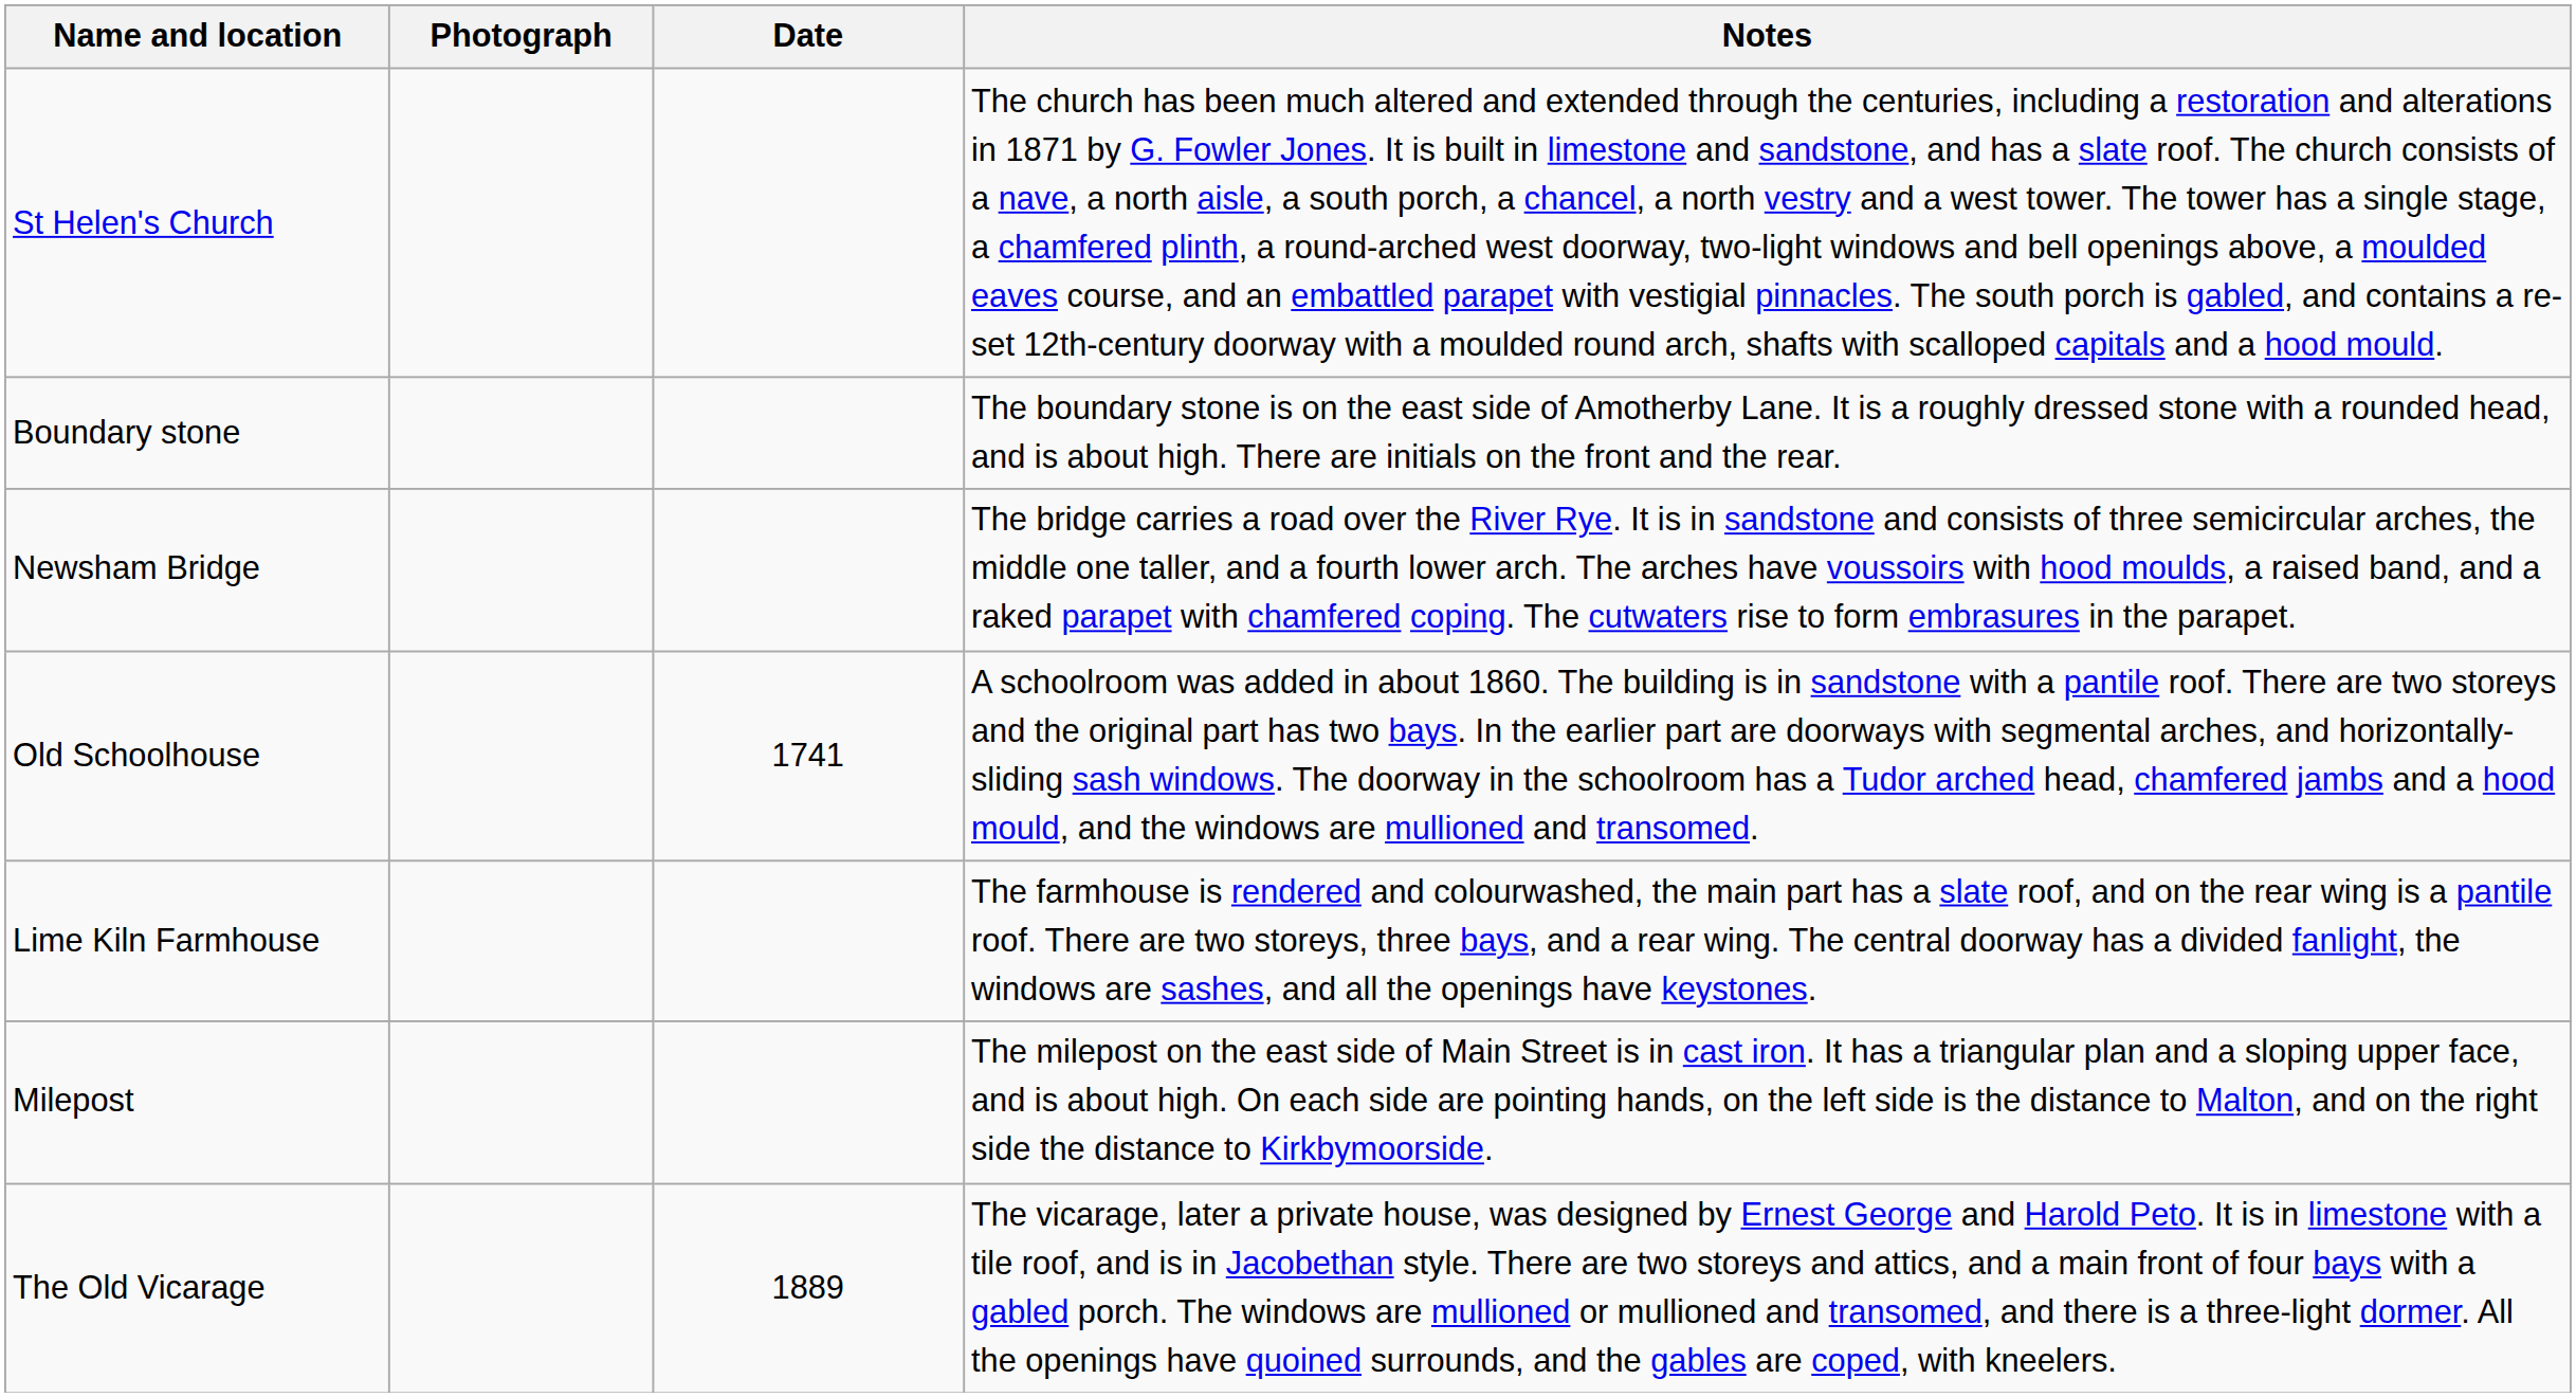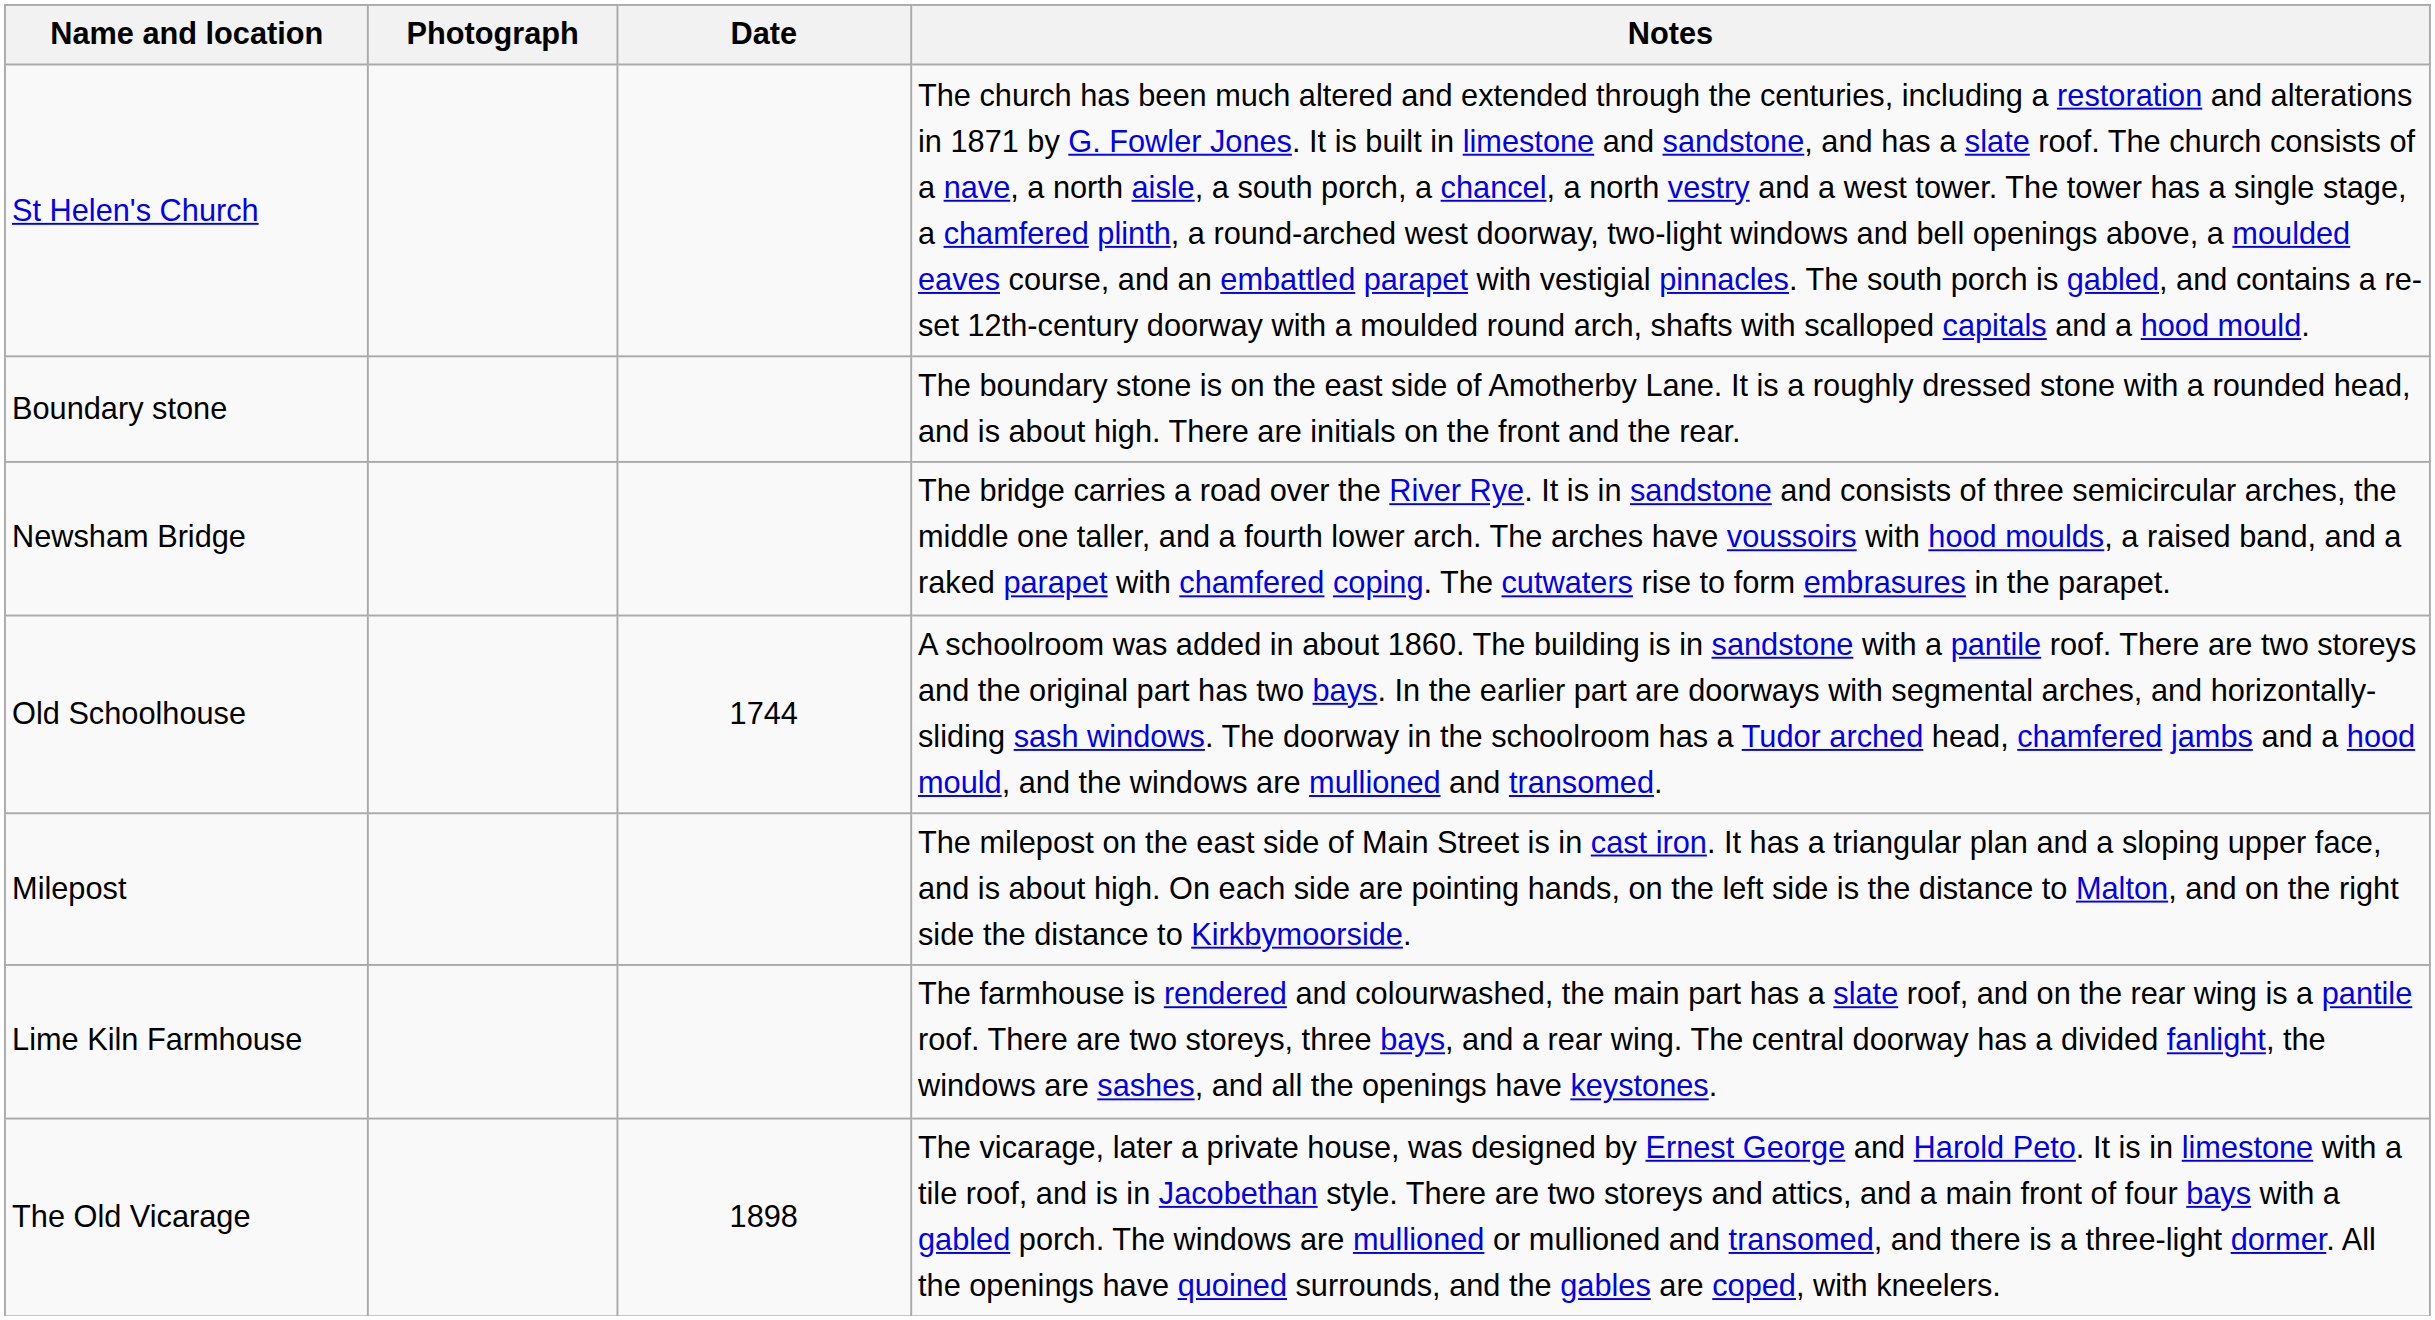 <table class="wikitable sortable plainrowheaders" style="width:100%;border:0px;text-align:left;line-height:150%;">
 <tr>
 <th scope="col"  style="width:150px">Name and location</th>
 <th scope="col"  style="width:100px" class="unsortable">Photograph</th>
 <th scope="col"  style="width:120px">Date</th>
 <th scope="col"  style="width:650px" class="unsortable">Notes</th>
 </tr>
 <tr>
 <td><a href='#'>St Helen's Church</a><br><small></small></td>
 <td></td>
 <td align="center"></td>
 <td>The church has been much altered and extended through the centuries, including a <a href='#'>restoration</a> and alterations in 1871 by <a href='#'>G. Fowler Jones</a>.  It is built in <a href='#'>limestone</a> and <a href='#'>sandstone</a>, and has a <a href='#'>slate</a> roof.  The church consists of a <a href='#'>nave</a>, a north <a href='#'>aisle</a>, a south porch, a <a href='#'>chancel</a>, a north <a href='#'>vestry</a> and a west tower.  The tower has a single stage, a <a href='#'>chamfered</a> <a href='#'>plinth</a>, a round-arched west doorway, two-light windows and bell openings above, a <a href='#'>moulded</a> <a href='#'>eaves</a> course, and an <a href='#'>embattled</a> <a href='#'>parapet</a> with vestigial <a href='#'>pinnacles</a>.  The south porch is <a href='#'>gabled</a>, and contains a re-set 12th-century doorway with a moulded round arch, shafts with scalloped <a href='#'>capitals</a> and a <a href='#'>hood mould</a>.</td>
 </tr>
 <tr>
 <td>Boundary stone<br><small></small></td>
 <td></td>
 <td align="center"></td>
 <td>The boundary stone is on the east side of Amotherby Lane.  It is a roughly dressed stone with a rounded head, and is about  high.  There are initials on the front and the rear.</td>
 </tr>
 <tr>
 <td>Newsham Bridge<br><small></small></td>
 <td></td>
 <td align="center"></td>
 <td>The bridge carries a road over the <a href='#'>River Rye</a>.  It is in <a href='#'>sandstone</a> and consists of three semicircular arches, the middle one taller, and a fourth lower arch.  The arches have <a href='#'>voussoirs</a> with <a href='#'>hood moulds</a>, a raised band, and a raked <a href='#'>parapet</a> with <a href='#'>chamfered</a> <a href='#'>coping</a>.  The <a href='#'>cutwaters</a> rise to form <a href='#'>embrasures</a> in the parapet.</td>
 </tr>
 <tr>
 <td>Old Schoolhouse<br><small></small></td>
 <td></td>
-<td align="center">1741</td>
+<td align="center">1744</td>
 <td>A schoolroom was added in about 1860.  The building is in <a href='#'>sandstone</a> with a <a href='#'>pantile</a> roof. There are two storeys and the original part has two <a href='#'>bays</a>.  In the earlier part are doorways with segmental arches, and horizontally-sliding <a href='#'>sash windows</a>.  The doorway in the schoolroom has a <a href='#'>Tudor arched</a> head, <a href='#'>chamfered</a> <a href='#'>jambs</a> and a <a href='#'>hood mould</a>, and the windows are <a href='#'>mullioned</a> and <a href='#'>transomed</a>.</td>
+</tr>
+<tr>
+<td>Milepost<br><small></small></td>
+<td></td>
+<td align="center"></td>
+<td>The milepost on the east side of Main Street is in <a href='#'>cast iron</a>.  It has a triangular plan and a sloping upper face, and is about  high.  On each side are pointing hands, on the left side is the distance to <a href='#'>Malton</a>, and on the right side the distance to <a href='#'>Kirkbymoorside</a>.</td>
 </tr>
 <tr>
 <td>Lime Kiln Farmhouse<br><small></small></td>
 <td></td>
 <td align="center"></td>
 <td>The farmhouse is <a href='#'>rendered</a> and colourwashed, the main part has a <a href='#'>slate</a> roof, and on the rear wing is a <a href='#'>pantile</a> roof.  There are two storeys, three <a href='#'>bays</a>, and a rear wing.  The central doorway has a divided <a href='#'>fanlight</a>, the windows are <a href='#'>sashes</a>, and all the openings have <a href='#'>keystones</a>.</td>
 </tr>
 <tr>
-<td>Milepost<br><small></small></td>
-<td></td>
-<td align="center"></td>
-<td>The milepost on the east side of Main Street is in <a href='#'>cast iron</a>.  It has a triangular plan and a sloping upper face, and is about  high.  On each side are pointing hands, on the left side is the distance to <a href='#'>Malton</a>, and on the right side the distance to <a href='#'>Kirkbymoorside</a>.</td>
-</tr>
-<tr>
 <td>The Old Vicarage<br><small></small></td>
 <td></td>
-<td align="center">1889</td>
+<td align="center">1898</td>
 <td>The vicarage, later a private house, was designed by <a href='#'>Ernest George</a> and <a href='#'>Harold Peto</a>.  It is in <a href='#'>limestone</a> with a tile roof, and is in <a href='#'>Jacobethan</a> style.  There are two storeys and attics, and a main front of four <a href='#'>bays</a> with a <a href='#'>gabled</a> porch.  The windows are <a href='#'>mullioned</a> or mullioned and <a href='#'>transomed</a>, and there is a three-light <a href='#'>dormer</a>.  All the openings have <a href='#'>quoined</a> surrounds, and the <a href='#'>gables</a> are <a href='#'>coped</a>, with kneelers.</td>
 </tr>
 <tr>
 </tr>
 </table>
